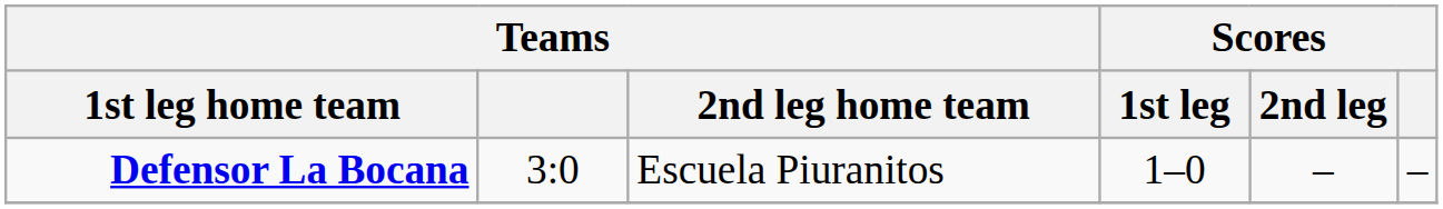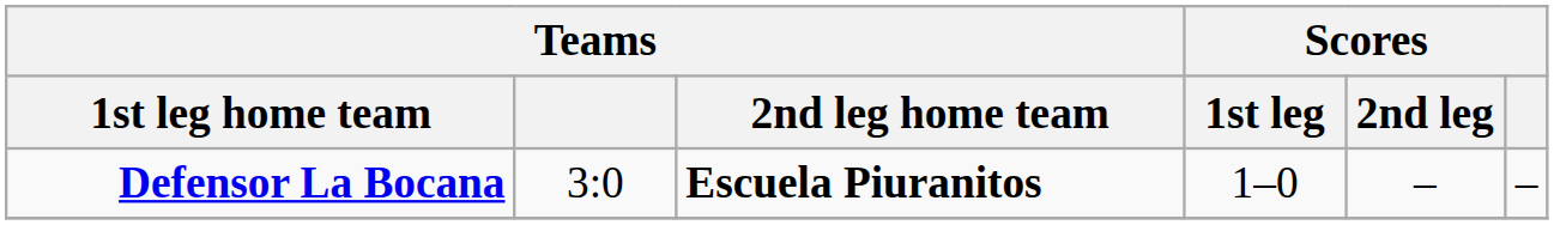 <table class="wikitable" style="text-align: center;">
 <tr>
 <th colspan=3>Teams</th>
 <th colspan=3>Scores</th>
 </tr>
 <tr>
 <th width="175">1st leg home team</th>
 <th width="50"></th>
 <th width="175">2nd leg home team</th>
 <th width="50">1st leg</th>
 <th width="50">2nd leg</th>
 <th></th>
 </tr>
 <tr>
 <td align=right><strong><a href='#'>Defensor La Bocana</a></strong></td>
 <td>3:0</td>
-<td align=left>Escuela Piuranitos</td>
+<td align=left><strong>Escuela Piuranitos</strong></td>
 <td>1–0</td>
 <td>–</td>
 <td>–</td>
 </tr>
 <tr>
 </tr>
 </table>
